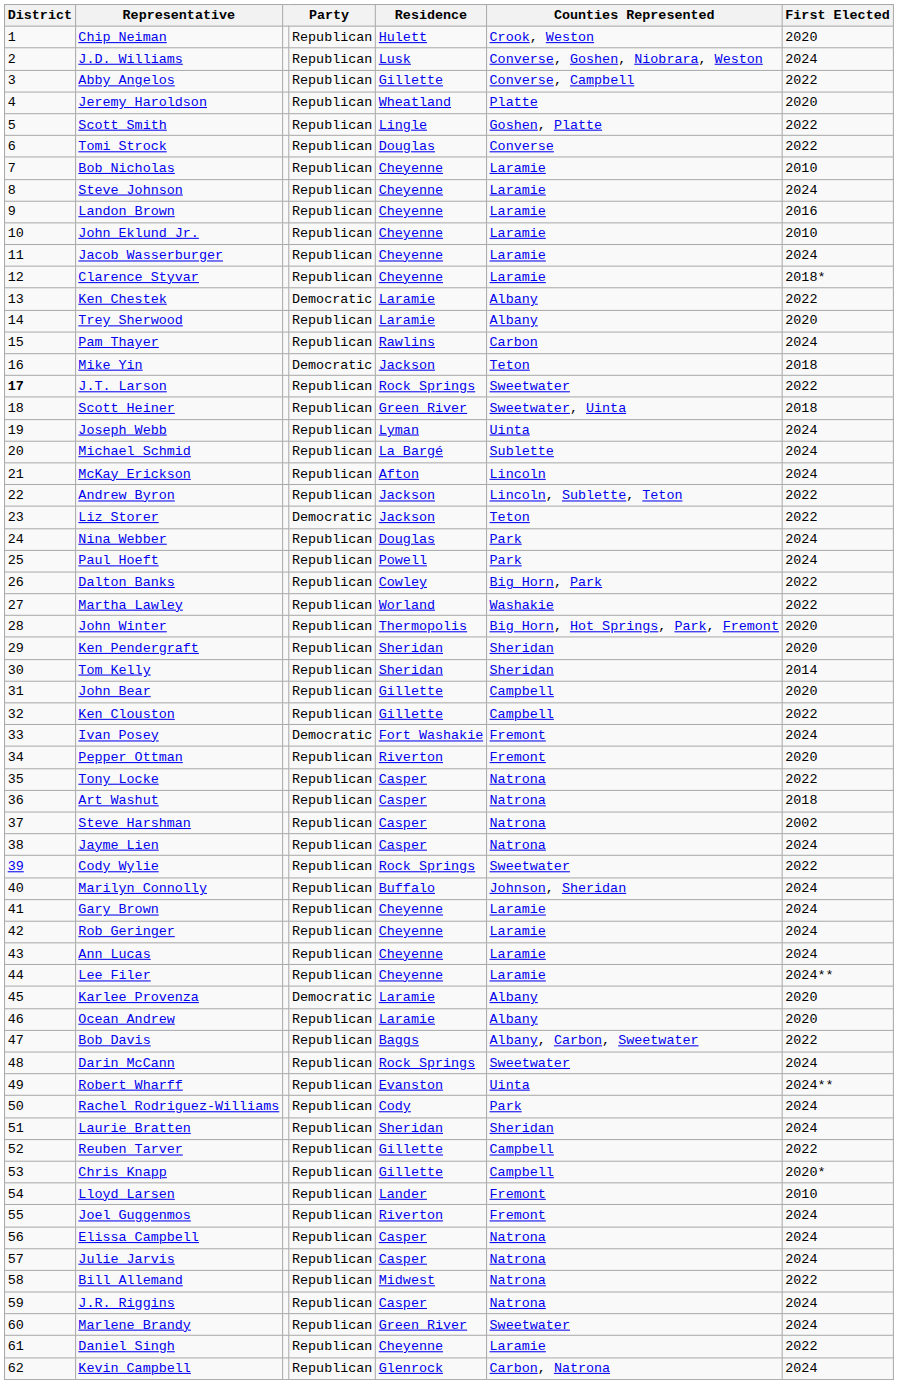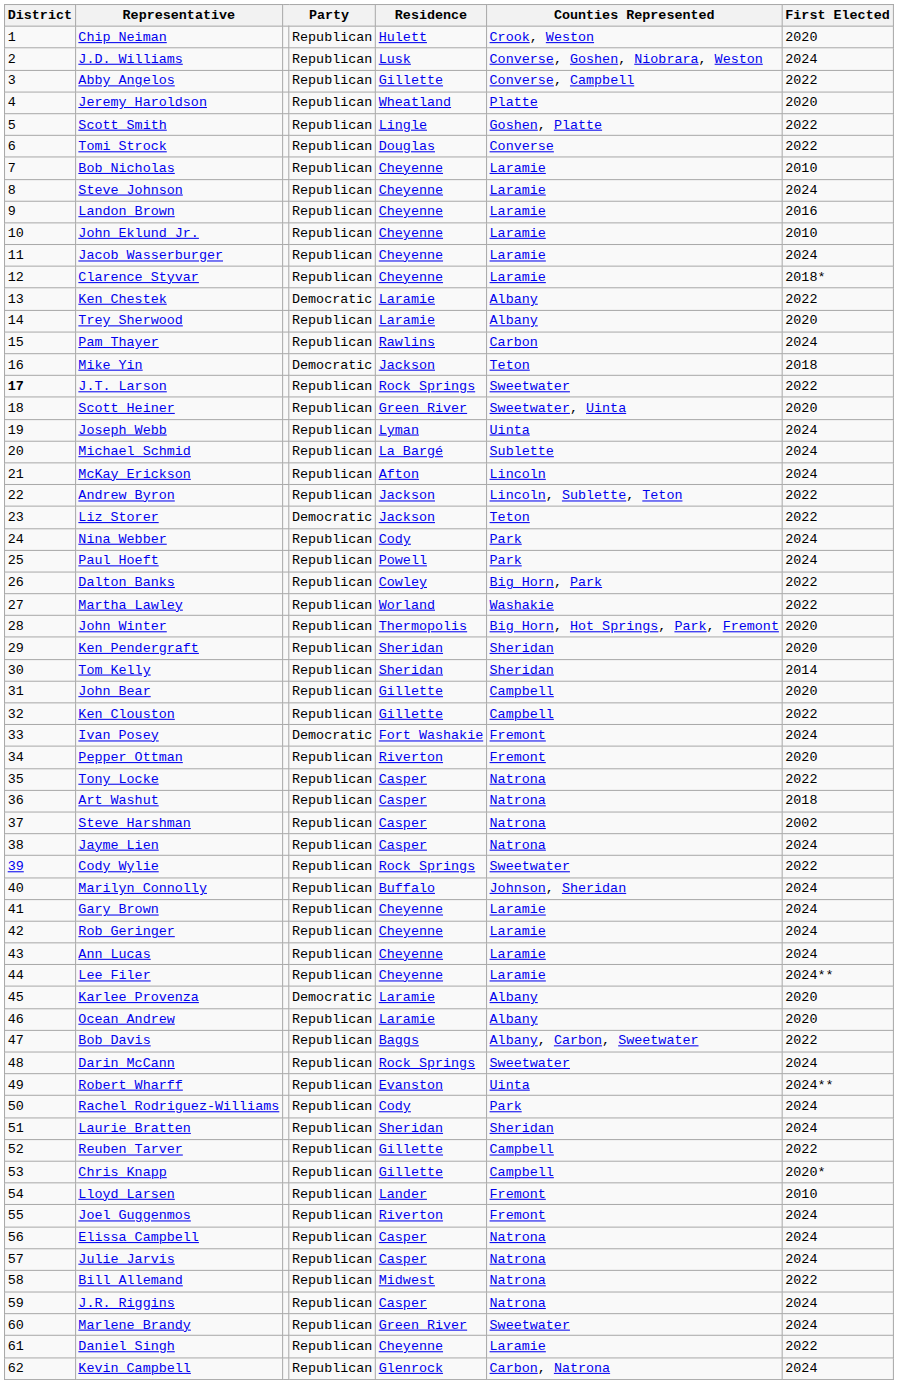 <table class="wikitable sortable">
 <tr>
 <th>District</th>
 <th>Representative</th>
 <th colspan=2>Party</th>
 <th>Residence</th>
 <th>Counties Represented</th>
 <th>First Elected</th>
 </tr>
 <tr>
 <td>1</td>
 <td><a href='#'>Chip Neiman</a></td>
 <td style="background:"></td>
 <td>Republican</td>
 <td><a href='#'>Hulett</a></td>
 <td><a href='#'>Crook</a>, <a href='#'>Weston</a></td>
 <td>2020</td>
 </tr>
 <tr>
 <td>2</td>
 <td><a href='#'>J.D. Williams</a></td>
 <td style="background:"></td>
 <td>Republican</td>
 <td><a href='#'>Lusk</a></td>
 <td><a href='#'>Converse</a>, <a href='#'>Goshen</a>, <a href='#'>Niobrara</a>, <a href='#'>Weston</a></td>
 <td>2024</td>
 </tr>
 <tr>
 <td>3</td>
 <td><a href='#'>Abby Angelos</a></td>
 <td style="background:"></td>
 <td>Republican</td>
 <td><a href='#'>Gillette</a></td>
 <td><a href='#'>Converse</a>, <a href='#'>Campbell</a></td>
 <td>2022</td>
 </tr>
 <tr>
 <td>4</td>
 <td><a href='#'>Jeremy Haroldson</a></td>
 <td style="background:"></td>
 <td>Republican</td>
 <td><a href='#'>Wheatland</a></td>
 <td><a href='#'>Platte</a></td>
 <td>2020</td>
 </tr>
 <tr>
 <td>5</td>
 <td><a href='#'>Scott Smith</a></td>
 <td style="background:"></td>
 <td>Republican</td>
 <td><a href='#'>Lingle</a></td>
 <td><a href='#'>Goshen</a>, <a href='#'>Platte</a></td>
 <td>2022</td>
 </tr>
 <tr>
 <td>6</td>
 <td><a href='#'>Tomi Strock</a></td>
 <td style="background:"></td>
 <td>Republican</td>
 <td><a href='#'>Douglas</a></td>
 <td><a href='#'>Converse</a></td>
 <td>2022</td>
 </tr>
 <tr>
 <td>7</td>
 <td><a href='#'>Bob Nicholas</a></td>
 <td style="background:"></td>
 <td>Republican</td>
 <td><a href='#'>Cheyenne</a></td>
 <td><a href='#'>Laramie</a></td>
 <td>2010</td>
 </tr>
 <tr>
 <td>8</td>
 <td><a href='#'>Steve Johnson</a></td>
 <td style="background:"></td>
 <td>Republican</td>
 <td><a href='#'>Cheyenne</a></td>
 <td><a href='#'>Laramie</a></td>
 <td>2024</td>
 </tr>
 <tr>
 <td>9</td>
 <td><a href='#'>Landon Brown</a></td>
 <td style="background:"></td>
 <td>Republican</td>
 <td><a href='#'>Cheyenne</a></td>
 <td><a href='#'>Laramie</a></td>
 <td>2016</td>
 </tr>
 <tr>
 <td>10</td>
 <td><a href='#'>John Eklund Jr.</a></td>
 <td style="background:"></td>
 <td>Republican</td>
 <td><a href='#'>Cheyenne</a></td>
 <td><a href='#'>Laramie</a></td>
 <td>2010</td>
 </tr>
 <tr>
 <td>11</td>
 <td><a href='#'>Jacob Wasserburger</a></td>
 <td style="background:"></td>
 <td>Republican</td>
 <td><a href='#'>Cheyenne</a></td>
 <td><a href='#'>Laramie</a></td>
 <td>2024</td>
 </tr>
 <tr>
 <td>12</td>
 <td><a href='#'>Clarence Styvar</a></td>
 <td style="background:"></td>
 <td>Republican</td>
 <td><a href='#'>Cheyenne</a></td>
 <td><a href='#'>Laramie</a></td>
 <td>2018*</td>
 </tr>
 <tr>
 <td>13</td>
 <td><a href='#'>Ken Chestek</a></td>
 <td style="background:"></td>
 <td>Democratic</td>
 <td><a href='#'>Laramie</a></td>
 <td><a href='#'>Albany</a></td>
 <td>2022</td>
 </tr>
 <tr>
 <td>14</td>
 <td><a href='#'>Trey Sherwood</a></td>
 <td style="background:"></td>
 <td>Republican</td>
 <td><a href='#'>Laramie</a></td>
 <td><a href='#'>Albany</a></td>
 <td>2020</td>
 </tr>
 <tr>
 <td>15</td>
 <td><a href='#'>Pam Thayer</a></td>
 <td style="background:"></td>
 <td>Republican</td>
 <td><a href='#'>Rawlins</a></td>
 <td><a href='#'>Carbon</a></td>
 <td>2024</td>
 </tr>
 <tr>
 <td>16</td>
 <td><a href='#'>Mike Yin</a></td>
 <td style="background:"></td>
 <td>Democratic</td>
 <td><a href='#'>Jackson</a></td>
 <td><a href='#'>Teton</a></td>
 <td>2018</td>
 </tr>
 <tr>
 <td><strong>17</strong></td>
 <td><a href='#'>J.T. Larson</a></td>
 <td style="background:"></td>
 <td>Republican</td>
 <td><a href='#'>Rock Springs</a></td>
 <td><a href='#'>Sweetwater</a></td>
 <td>2022</td>
 </tr>
 <tr>
 <td>18</td>
 <td><a href='#'>Scott Heiner</a></td>
 <td style="background:"></td>
 <td>Republican</td>
 <td><a href='#'>Green River</a></td>
 <td><a href='#'>Sweetwater</a>, <a href='#'>Uinta</a></td>
-<td>2018</td>
+<td>2020</td>
 </tr>
 <tr>
 <td>19</td>
 <td><a href='#'>Joseph Webb</a></td>
 <td style="background:"></td>
 <td>Republican</td>
 <td><a href='#'>Lyman</a></td>
 <td><a href='#'>Uinta</a></td>
 <td>2024</td>
 </tr>
 <tr>
 <td>20</td>
 <td><a href='#'>Michael Schmid</a></td>
 <td style="background:"></td>
 <td>Republican</td>
 <td><a href='#'>La Bargé</a></td>
 <td><a href='#'>Sublette</a></td>
 <td>2024</td>
 </tr>
 <tr>
 <td>21</td>
 <td><a href='#'>McKay Erickson</a></td>
 <td style="background:"></td>
 <td>Republican</td>
 <td><a href='#'>Afton</a></td>
 <td><a href='#'>Lincoln</a></td>
 <td>2024</td>
 </tr>
 <tr>
 <td>22</td>
 <td><a href='#'>Andrew Byron</a></td>
 <td style="background:"></td>
 <td>Republican</td>
 <td><a href='#'>Jackson</a></td>
 <td><a href='#'>Lincoln</a>, <a href='#'>Sublette</a>, <a href='#'>Teton</a></td>
 <td>2022</td>
 </tr>
 <tr>
 <td>23</td>
 <td><a href='#'>Liz Storer</a></td>
 <td style="background:"></td>
 <td>Democratic</td>
 <td><a href='#'>Jackson</a></td>
 <td><a href='#'>Teton</a></td>
 <td>2022</td>
 </tr>
 <tr>
 <td>24</td>
 <td><a href='#'>Nina Webber</a></td>
 <td style="background:"></td>
 <td>Republican</td>
-<td><a href='#'>Douglas</a></td>
+<td><a href='#'>Cody</a></td>
 <td><a href='#'>Park</a></td>
 <td>2024</td>
 </tr>
 <tr>
 <td>25</td>
 <td><a href='#'>Paul Hoeft</a></td>
 <td style="background:"></td>
 <td>Republican</td>
 <td><a href='#'>Powell</a></td>
 <td><a href='#'>Park</a></td>
 <td>2024</td>
 </tr>
 <tr>
 <td>26</td>
 <td><a href='#'>Dalton Banks</a></td>
 <td style="background:"></td>
 <td>Republican</td>
 <td><a href='#'>Cowley</a></td>
 <td><a href='#'>Big Horn</a>, <a href='#'>Park</a></td>
 <td>2022</td>
 </tr>
 <tr>
 <td>27</td>
 <td><a href='#'>Martha Lawley</a></td>
 <td style="background:"></td>
 <td>Republican</td>
 <td><a href='#'>Worland</a></td>
 <td><a href='#'>Washakie</a></td>
 <td>2022</td>
 </tr>
 <tr>
 <td>28</td>
 <td><a href='#'>John Winter</a></td>
 <td style="background:"></td>
 <td>Republican</td>
 <td><a href='#'>Thermopolis</a></td>
 <td><a href='#'>Big Horn</a>, <a href='#'>Hot Springs</a>, <a href='#'>Park</a>, <a href='#'>Fremont</a></td>
 <td>2020</td>
 </tr>
 <tr>
 <td>29</td>
 <td><a href='#'>Ken Pendergraft</a></td>
 <td style="background:"></td>
 <td>Republican</td>
 <td><a href='#'>Sheridan</a></td>
 <td><a href='#'>Sheridan</a></td>
 <td>2020</td>
 </tr>
 <tr>
 <td>30</td>
 <td><a href='#'>Tom Kelly</a></td>
 <td style="background:"></td>
 <td>Republican</td>
 <td><a href='#'>Sheridan</a></td>
 <td><a href='#'>Sheridan</a></td>
 <td>2014</td>
 </tr>
 <tr>
 <td>31</td>
 <td><a href='#'>John Bear</a></td>
 <td style="background:"></td>
 <td>Republican</td>
 <td><a href='#'>Gillette</a></td>
 <td><a href='#'>Campbell</a></td>
 <td>2020</td>
 </tr>
 <tr>
 <td>32</td>
 <td><a href='#'>Ken Clouston</a></td>
 <td style="background:"></td>
 <td>Republican</td>
 <td><a href='#'>Gillette</a></td>
 <td><a href='#'>Campbell</a></td>
 <td>2022</td>
 </tr>
 <tr>
 <td>33</td>
 <td><a href='#'>Ivan Posey</a></td>
 <td style="background:"></td>
 <td>Democratic</td>
 <td><a href='#'>Fort Washakie</a></td>
 <td><a href='#'>Fremont</a></td>
 <td>2024</td>
 </tr>
 <tr>
 <td>34</td>
 <td><a href='#'>Pepper Ottman</a></td>
 <td style="background:"></td>
 <td>Republican</td>
 <td><a href='#'>Riverton</a></td>
 <td><a href='#'>Fremont</a></td>
 <td>2020</td>
 </tr>
 <tr>
 <td>35</td>
 <td><a href='#'>Tony Locke</a></td>
 <td style="background:"></td>
 <td>Republican</td>
 <td><a href='#'>Casper</a></td>
 <td><a href='#'>Natrona</a></td>
 <td>2022</td>
 </tr>
 <tr>
 <td>36</td>
 <td><a href='#'>Art Washut</a></td>
 <td style="background:"></td>
 <td>Republican</td>
 <td><a href='#'>Casper</a></td>
 <td><a href='#'>Natrona</a></td>
 <td>2018</td>
 </tr>
 <tr>
 <td>37</td>
 <td><a href='#'>Steve Harshman</a></td>
 <td style="background:"></td>
 <td>Republican</td>
 <td><a href='#'>Casper</a></td>
 <td><a href='#'>Natrona</a></td>
 <td>2002</td>
 </tr>
 <tr>
 <td>38</td>
 <td><a href='#'>Jayme Lien</a></td>
 <td style="background:"></td>
 <td>Republican</td>
 <td><a href='#'>Casper</a></td>
 <td><a href='#'>Natrona</a></td>
 <td>2024</td>
 </tr>
 <tr>
 <td><a href='#'>39</a></td>
 <td><a href='#'>Cody Wylie</a></td>
 <td style="background:"></td>
 <td>Republican</td>
 <td><a href='#'>Rock Springs</a></td>
 <td><a href='#'>Sweetwater</a></td>
 <td>2022</td>
 </tr>
 <tr>
 <td>40</td>
 <td><a href='#'>Marilyn Connolly</a></td>
 <td style="background:"></td>
 <td>Republican</td>
 <td><a href='#'>Buffalo</a></td>
 <td><a href='#'>Johnson</a>, <a href='#'>Sheridan</a></td>
 <td>2024</td>
 </tr>
 <tr>
 <td>41</td>
 <td><a href='#'>Gary Brown</a></td>
 <td style="background:"></td>
 <td>Republican</td>
 <td><a href='#'>Cheyenne</a></td>
 <td><a href='#'>Laramie</a></td>
 <td>2024</td>
 </tr>
 <tr>
 <td>42</td>
 <td><a href='#'>Rob Geringer</a></td>
 <td style="background:"></td>
 <td>Republican</td>
 <td><a href='#'>Cheyenne</a></td>
 <td><a href='#'>Laramie</a></td>
 <td>2024</td>
 </tr>
 <tr>
 <td>43</td>
 <td><a href='#'>Ann Lucas</a></td>
 <td style="background:"></td>
 <td>Republican</td>
 <td><a href='#'>Cheyenne</a></td>
 <td><a href='#'>Laramie</a></td>
 <td>2024</td>
 </tr>
 <tr>
 <td>44</td>
 <td><a href='#'>Lee Filer</a></td>
 <td style="background:"></td>
 <td>Republican</td>
 <td><a href='#'>Cheyenne</a></td>
 <td><a href='#'>Laramie</a></td>
 <td>2024**</td>
 </tr>
 <tr>
 <td>45</td>
 <td><a href='#'>Karlee Provenza</a></td>
 <td style="background:"></td>
 <td>Democratic</td>
 <td><a href='#'>Laramie</a></td>
 <td><a href='#'>Albany</a></td>
 <td>2020</td>
 </tr>
 <tr>
 <td>46</td>
 <td><a href='#'>Ocean Andrew</a></td>
 <td style="background:"></td>
 <td>Republican</td>
 <td><a href='#'>Laramie</a></td>
 <td><a href='#'>Albany</a></td>
 <td>2020</td>
 </tr>
 <tr>
 <td>47</td>
 <td><a href='#'>Bob Davis</a></td>
 <td style="background:"></td>
 <td>Republican</td>
 <td><a href='#'>Baggs</a></td>
 <td><a href='#'>Albany</a>, <a href='#'>Carbon</a>, <a href='#'>Sweetwater</a></td>
 <td>2022</td>
 </tr>
 <tr>
 <td>48</td>
 <td><a href='#'>Darin McCann</a></td>
 <td style="background:"></td>
 <td>Republican</td>
 <td><a href='#'>Rock Springs</a></td>
 <td><a href='#'>Sweetwater</a></td>
 <td>2024</td>
 </tr>
 <tr>
 <td>49</td>
 <td><a href='#'>Robert Wharff</a></td>
 <td style="background:"></td>
 <td>Republican</td>
 <td><a href='#'>Evanston</a></td>
 <td><a href='#'>Uinta</a></td>
 <td>2024**</td>
 </tr>
 <tr>
 <td>50</td>
 <td><a href='#'>Rachel Rodriguez-Williams</a></td>
 <td style="background:"></td>
 <td>Republican</td>
 <td><a href='#'>Cody</a></td>
 <td><a href='#'>Park</a></td>
 <td>2024</td>
 </tr>
 <tr>
 <td>51</td>
 <td><a href='#'>Laurie Bratten</a></td>
 <td style="background:"></td>
 <td>Republican</td>
 <td><a href='#'>Sheridan</a></td>
 <td><a href='#'>Sheridan</a></td>
 <td>2024</td>
 </tr>
 <tr>
 <td>52</td>
 <td><a href='#'>Reuben Tarver</a></td>
 <td style="background:"></td>
 <td>Republican</td>
 <td><a href='#'>Gillette</a></td>
 <td><a href='#'>Campbell</a></td>
 <td>2022</td>
 </tr>
 <tr>
 <td>53</td>
 <td><a href='#'>Chris Knapp</a></td>
 <td style="background:"></td>
 <td>Republican</td>
 <td><a href='#'>Gillette</a></td>
 <td><a href='#'>Campbell</a></td>
 <td>2020*</td>
 </tr>
 <tr>
 <td>54</td>
 <td><a href='#'>Lloyd Larsen</a></td>
 <td style="background:"></td>
 <td>Republican</td>
 <td><a href='#'>Lander</a></td>
 <td><a href='#'>Fremont</a></td>
 <td>2010</td>
 </tr>
 <tr>
 <td>55</td>
 <td><a href='#'>Joel Guggenmos</a></td>
 <td style="background:"></td>
 <td>Republican</td>
 <td><a href='#'>Riverton</a></td>
 <td><a href='#'>Fremont</a></td>
 <td>2024</td>
 </tr>
 <tr>
 <td>56</td>
 <td><a href='#'>Elissa Campbell</a></td>
 <td style="background:"></td>
 <td>Republican</td>
 <td><a href='#'>Casper</a></td>
 <td><a href='#'>Natrona</a></td>
 <td>2024</td>
 </tr>
 <tr>
 <td>57</td>
 <td><a href='#'>Julie Jarvis</a></td>
 <td style="background:"></td>
 <td>Republican</td>
 <td><a href='#'>Casper</a></td>
 <td><a href='#'>Natrona</a></td>
 <td>2024</td>
 </tr>
 <tr>
 <td>58</td>
 <td><a href='#'>Bill Allemand</a></td>
 <td style="background:"></td>
 <td>Republican</td>
 <td><a href='#'>Midwest</a></td>
 <td><a href='#'>Natrona</a></td>
 <td>2022</td>
 </tr>
 <tr>
 <td>59</td>
 <td><a href='#'>J.R. Riggins</a></td>
 <td style="background:"></td>
 <td>Republican</td>
 <td><a href='#'>Casper</a></td>
 <td><a href='#'>Natrona</a></td>
 <td>2024</td>
 </tr>
 <tr>
 <td>60</td>
 <td><a href='#'>Marlene Brandy</a></td>
 <td style="background:"></td>
 <td>Republican</td>
 <td><a href='#'>Green River</a></td>
 <td><a href='#'>Sweetwater</a></td>
 <td>2024</td>
 </tr>
 <tr>
 <td>61</td>
 <td><a href='#'>Daniel Singh</a></td>
 <td style="background:"></td>
 <td>Republican</td>
 <td><a href='#'>Cheyenne</a></td>
 <td><a href='#'>Laramie</a></td>
 <td>2022</td>
 </tr>
 <tr>
 <td>62</td>
 <td><a href='#'>Kevin Campbell</a></td>
 <td style="background:"></td>
 <td>Republican</td>
 <td><a href='#'>Glenrock</a></td>
 <td><a href='#'>Carbon</a>, <a href='#'>Natrona</a></td>
 <td>2024</td>
 </tr>
 </table>
